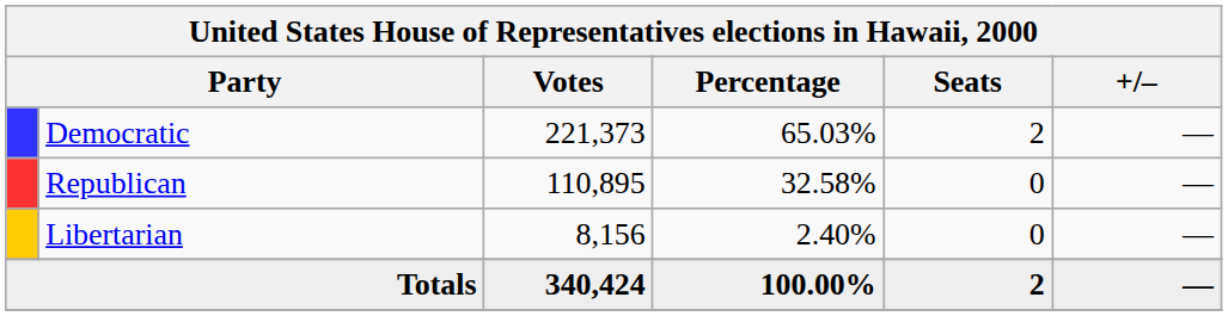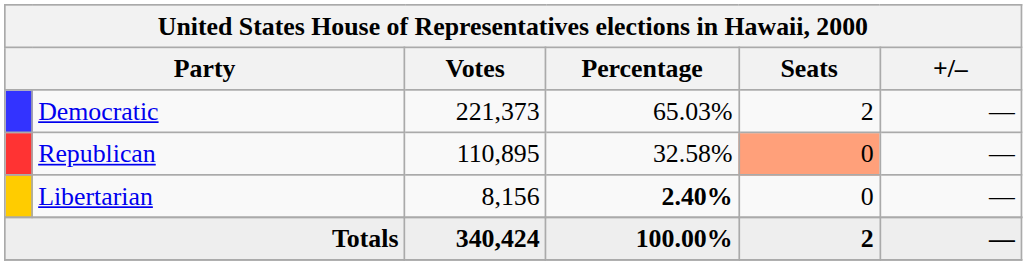 <table class="wikitable" style="font-size: 95%;">
 <tr>
 <th colspan="6">United States House of Representatives elections in Hawaii, 2000</th>
 </tr>
 <tr>
 <th colspan=2 style="width: 15em">Party</th>
 <th style="width: 5em">Votes</th>
 <th style="width: 7em">Percentage</th>
 <th style="width: 5em">Seats</th>
 <th style="width: 5em">+/–</th>
 </tr>
 <tr>
 <th style="background-color:#3333FF; width: 3px"></th>
 <td style="width: 130px"><a href='#'>Democratic</a></td>
 <td align="right">221,373</td>
 <td align="right">65.03%</td>
 <td align="right">2</td>
 <td align="right">—</td>
 </tr>
 <tr>
 <th style="background-color:#FF3333; width: 3px"></th>
 <td style="width: 130px"><a href='#'>Republican</a></td>
 <td align="right">110,895</td>
 <td align="right">32.58%</td>
-<td align="right">0</td>
+<td align="right" style="background: lightsalmon;">0</td>
 <td align="right">—</td>
 </tr>
 <tr>
 <th style="background-color:#FFCC00; width: 3px"></th>
 <td style="width: 130px"><a href='#'>Libertarian</a></td>
 <td align="right">8,156</td>
-<td align="right">2.40%</td>
+<td align="right"><strong>2.40%</strong></td>
 <td align="right">0</td>
 <td align="right">—</td>
 </tr>
 <tr>
 </tr>
 <tr bgcolor="#EEEEEE">
 <td colspan="2" align="right"><strong>Totals</strong></td>
 <td align="right"><strong>340,424</strong></td>
 <td align="right"><strong>100.00%</strong></td>
 <td align="right"><strong>2</strong></td>
 <td align="right"><strong>—</strong></td>
 </tr>
 <tr bgcolor="#EEEEEE">
 </tr>
 </table>
